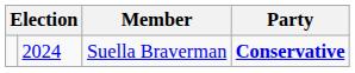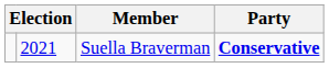 <table class="wikitable">
 <tr>
 <th colspan="2">Election</th>
 <th>Member</th>
 <th>Party</th>
 </tr>
 <tr>
 <td style="color:inherit;background-color: "></td>
-<td><a href='#'>2024</a></td>
+<td><a href='#'>2021</a></td>
 <td><a href='#'>Suella Braverman</a></td>
 <td><strong><a href='#'>Conservative</a></strong></td>
 </tr>
 </table>
